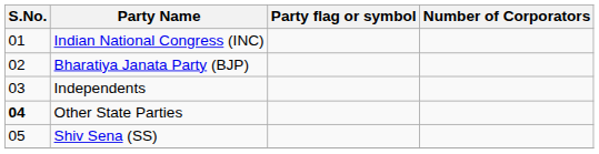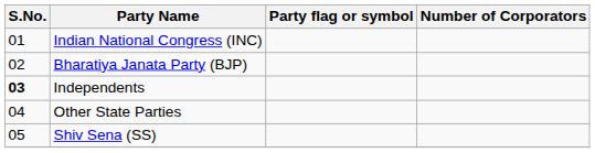 <table class="sortable wikitable">
 <tr>
 <th>S.No.</th>
 <th>Party Name</th>
 <th>Party flag or symbol</th>
 <th>Number of Corporators</th>
 </tr>
 <tr>
 <td>01</td>
 <td><a href='#'>Indian National Congress</a> (INC)</td>
 <td></td>
 <td></td>
 </tr>
 <tr>
 <td>02</td>
 <td><a href='#'>Bharatiya Janata Party</a> (BJP)</td>
 <td></td>
 <td></td>
 </tr>
 <tr>
-<td>03</td>
+<td><strong>03</strong></td>
 <td>Independents</td>
 <td></td>
 <td></td>
 </tr>
 <tr>
-<td><strong>04</strong></td>
+<td>04</td>
 <td>Other State Parties</td>
 <td></td>
 <td></td>
 </tr>
 <tr>
 <td>05</td>
 <td><a href='#'>Shiv Sena</a> (SS)</td>
 <td></td>
 <td></td>
 </tr>
 <tr>
 </tr>
 </table>
